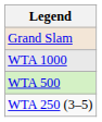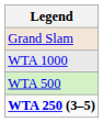 <table class="wikitable" style="font-size:90%">
 <tr>
 <th>Legend</th>
 </tr>
 <tr>
 <td style="background:#f3e6d7;"><a href='#'>Grand Slam</a></td>
 </tr>
 <tr>
 <td style="background:#e9e9e9;"><a href='#'>WTA 1000</a></td>
 </tr>
 <tr>
 <td style="background:#d4f1c5;"><a href='#'>WTA 500</a></td>
 </tr>
 <tr>
-<td><a href='#'>WTA 250</a> (3–5)</td>
+<td><strong><a href='#'>WTA 250</a> (3–5)</strong></td>
 </tr>
 </table>
